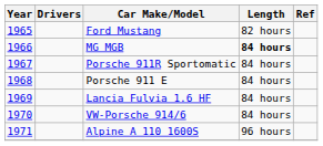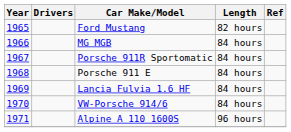 <table class="wikitable">
 <tr>
 <th>Year</th>
 <th>Drivers</th>
 <th>Car Make/Model</th>
 <th>Length</th>
 <th>Ref</th>
 </tr>
 <tr>
 <td><a href='#'>1965</a></td>
 <td> </td>
 <td><a href='#'>Ford Mustang</a></td>
 <td>82 hours</td>
 <td></td>
 </tr>
 <tr>
 <td><a href='#'>1966</a></td>
 <td> </td>
 <td><a href='#'>MG MGB</a></td>
-<td><strong>84 hours</strong></td>
+<td>84 hours</td>
 <td></td>
 </tr>
 <tr>
 <td><a href='#'>1967</a></td>
 <td>  </td>
 <td><a href='#'>Porsche 911R</a> Sportomatic</td>
 <td>84 hours</td>
 <td></td>
 </tr>
 <tr>
 <td><a href='#'>1968</a></td>
 <td>  </td>
 <td>Porsche 911 E</td>
 <td>84 hours</td>
 <td></td>
 </tr>
 <tr>
 <td><a href='#'>1969</a></td>
 <td>  </td>
 <td><a href='#'>Lancia Fulvia 1.6 HF</a></td>
 <td>84 hours</td>
 <td></td>
 </tr>
 <tr>
 <td><a href='#'>1970</a></td>
 <td>  </td>
 <td><a href='#'>VW-Porsche 914/6</a></td>
 <td>84 hours</td>
 <td></td>
 </tr>
 <tr>
 <td><a href='#'>1971</a></td>
 <td>  </td>
 <td><a href='#'>Alpine A 110 1600S</a></td>
 <td>96 hours</td>
 <td></td>
 </tr>
 <tr>
 </tr>
 </table>
